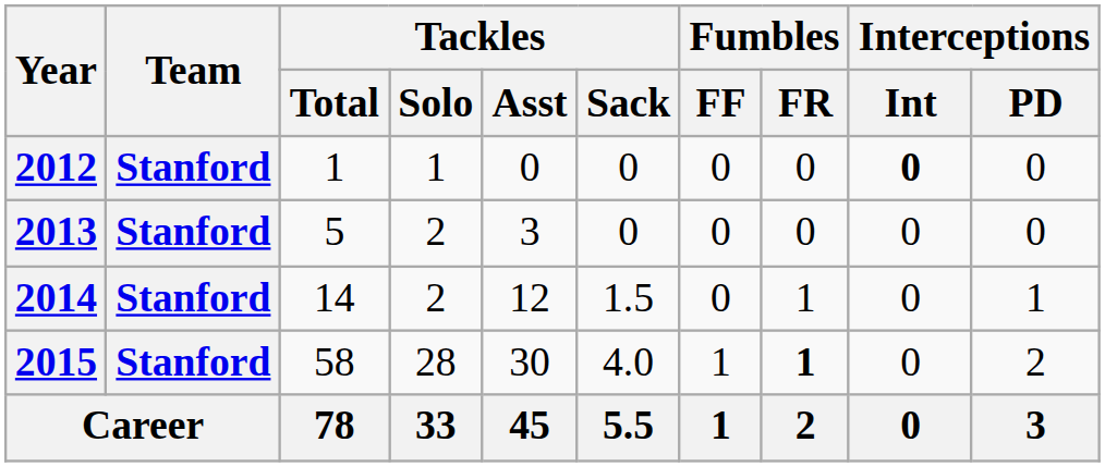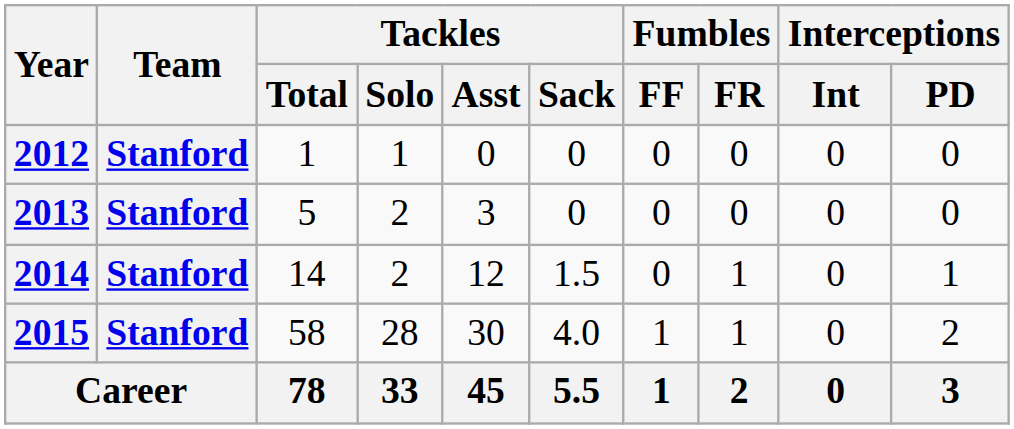 <table class="wikitable" style="text-align:center">
 <tr>
 <th rowspan=2>Year</th>
 <th rowspan=2>Team</th>
 <th colspan=4>Tackles</th>
 <th colspan=2>Fumbles</th>
 <th colspan=2>Interceptions</th>
 </tr>
 <tr>
 <th>Total</th>
 <th>Solo</th>
 <th>Asst</th>
 <th>Sack</th>
 <th>FF</th>
 <th>FR</th>
 <th>Int</th>
 <th>PD</th>
 </tr>
 <tr>
 <th><a href='#'>2012</a></th>
 <th><a href='#'>Stanford</a></th>
 <td>1</td>
 <td>1</td>
 <td>0</td>
 <td>0</td>
 <td>0</td>
 <td>0</td>
-<td><strong>0</strong></td>
+<td>0</td>
 <td>0</td>
 </tr>
 <tr>
 <th><a href='#'>2013</a></th>
 <th><a href='#'>Stanford</a></th>
 <td>5</td>
 <td>2</td>
 <td>3</td>
 <td>0</td>
 <td>0</td>
 <td>0</td>
 <td>0</td>
 <td>0</td>
 </tr>
 <tr>
 <th><a href='#'>2014</a></th>
 <th><a href='#'>Stanford</a></th>
 <td>14</td>
 <td>2</td>
 <td>12</td>
 <td>1.5</td>
 <td>0</td>
 <td>1</td>
 <td>0</td>
 <td>1</td>
 </tr>
 <tr>
 <th><a href='#'>2015</a></th>
 <th><a href='#'>Stanford</a></th>
 <td>58</td>
 <td>28</td>
 <td>30</td>
 <td>4.0</td>
 <td>1</td>
-<td><strong>1</strong></td>
+<td>1</td>
 <td>0</td>
 <td>2</td>
 </tr>
 <tr>
 <th colspan="2">Career</th>
 <th>78</th>
 <th>33</th>
 <th>45</th>
 <th>5.5</th>
 <th>1</th>
 <th>2</th>
 <th>0</th>
 <th>3</th>
 </tr>
 </table>
